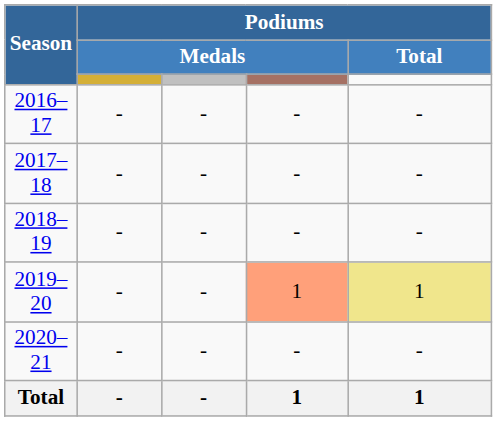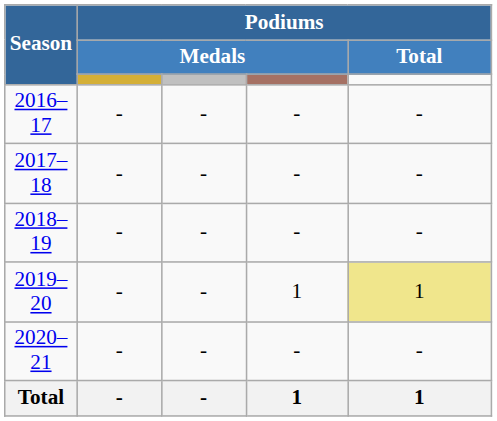 <table class="wikitable" style="font-size:86%; text-align:center; border:grey solid 1px; border-collapse:collapse;" width="20%">
 <tr style="background-color:#369; color:white;">
 <td rowspan="3" colspan="1" width="12%"><strong>Season</strong></td>
 <td colspan="10"><strong>Podiums</strong></td>
 </tr>
 <tr style="background-color:#4180be; color:white;">
 <th style="background:#4180be;" width="100" colspan="3">Medals</th>
 <th style="background:#4180be;" width="50" colspan="4">Total</th>
 </tr>
 <tr>
 <td align="center" bgcolor="#d4af37"></td>
 <td align="center" bgcolor="silver"></td>
 <td align="center" bgcolor="#a57164"></td>
 <td></td>
 </tr>
 <tr>
 <td><a href='#'>2016–17</a></td>
 <td>-</td>
 <td>-</td>
 <td>-</td>
 <td>-</td>
 </tr>
 <tr>
 <td><a href='#'>2017–18</a></td>
 <td>-</td>
 <td>-</td>
 <td>-</td>
 <td>-</td>
 </tr>
 <tr>
 <td><a href='#'>2018–19</a></td>
 <td>-</td>
 <td>-</td>
 <td>-</td>
 <td>-</td>
 </tr>
 <tr>
 <td><a href='#'>2019–20</a></td>
 <td>-</td>
 <td>-</td>
-<td style="background: lightsalmon;">1</td>
+<td>1</td>
 <td style="background: khaki;">1</td>
 </tr>
 <tr>
 <td><a href='#'>2020–21</a></td>
 <td><em>-</em></td>
 <td><em>-</em></td>
 <td><em>-</em></td>
 <td><em>-</em></td>
 </tr>
 <tr>
 <th>Total</th>
 <th>-</th>
 <th>-</th>
 <th>1</th>
 <th>1</th>
 </tr>
 </table>
